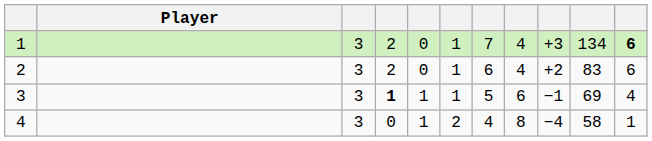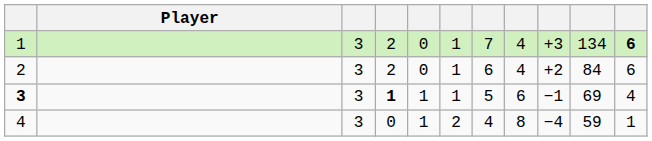 <table class="wikitable" style="text-align:center; margin: 1em auto 1em auto, align:left">
 <tr>
 <th width=20></th>
 <th width=240>Player</th>
 <th width=20></th>
 <th width=20></th>
 <th width=20></th>
 <th width=20></th>
 <th width=20></th>
 <th width=20></th>
 <th width=20></th>
 <th width=30></th>
 <th width=20></th>
 </tr>
 <tr style="background:#D0F0C0;">
 <td>1</td>
 <td align=left></td>
 <td>3</td>
 <td>2</td>
 <td>0</td>
 <td>1</td>
 <td>7</td>
 <td>4</td>
 <td>+3</td>
 <td>134</td>
 <td><strong>6</strong></td>
 </tr>
 <tr style=>
 <td>2</td>
 <td align=left></td>
 <td>3</td>
 <td>2</td>
 <td>0</td>
 <td>1</td>
 <td>6</td>
 <td>4</td>
 <td>+2</td>
-<td>83</td>
+<td>84</td>
 <td>6</td>
 </tr>
 <tr style=>
-<td>3</td>
+<td><strong>3</strong></td>
 <td align=left></td>
 <td>3</td>
 <td><strong>1</strong></td>
 <td>1</td>
 <td>1</td>
 <td>5</td>
 <td>6</td>
 <td>−1</td>
 <td>69</td>
 <td>4</td>
 </tr>
 <tr style=>
 <td>4</td>
 <td align=left></td>
 <td>3</td>
 <td>0</td>
 <td>1</td>
 <td>2</td>
 <td>4</td>
 <td>8</td>
 <td>−4</td>
-<td>58</td>
+<td>59</td>
 <td>1</td>
 </tr>
 </table>
